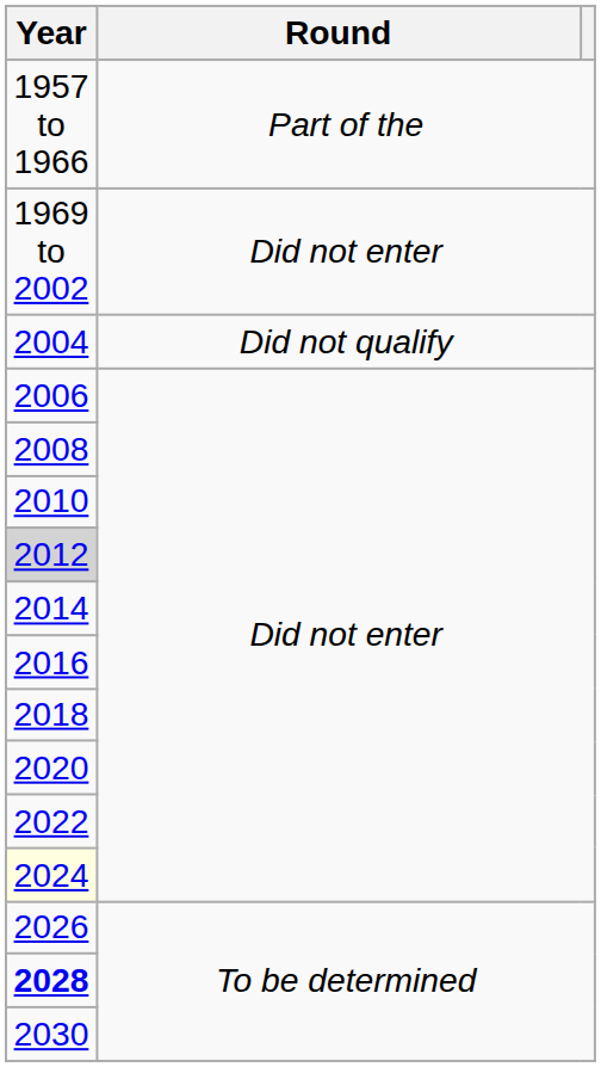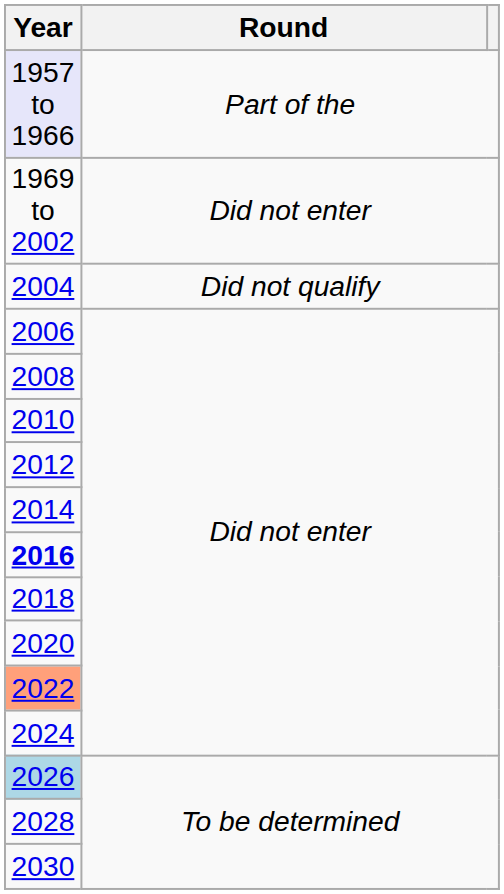 <table class="wikitable" style="text-align: center; font-size:90%">
 <tr>
 <th>Year</th>
 <th style="width:200px">Round</th>
 <th></th>
 </tr>
 <tr>
-<td>1957<br>to<br>1966</td>
+<td style="background: lavender;">1957<br>to<br>1966</td>
 <td colspan="2"><em>Part of the </em></td>
 </tr>
 <tr>
 <td>1969<br>to<br><a href='#'>2002</a></td>
 <td colspan="2"><em>Did not enter</em></td>
 </tr>
 <tr>
 <td><a href='#'>2004</a></td>
 <td colspan="2"><em>Did not qualify</em></td>
 </tr>
 <tr>
 <td><a href='#'>2006</a></td>
 <td colspan="2" rowspan="10"><em>Did not enter</em></td>
 </tr>
 <tr>
 <td><a href='#'>2008</a></td>
 </tr>
 <tr>
 <td><a href='#'>2010</a></td>
 </tr>
 <tr>
-<td style="background: lightgrey;"><a href='#'>2012</a></td>
+<td><a href='#'>2012</a></td>
 </tr>
 <tr>
 <td><a href='#'>2014</a></td>
 </tr>
 <tr>
-<td><a href='#'>2016</a></td>
+<td><strong><a href='#'>2016</a></strong></td>
 </tr>
 <tr>
 <td><a href='#'>2018</a></td>
 </tr>
 <tr>
 <td><a href='#'>2020</a></td>
 </tr>
 <tr>
-<td><a href='#'>2022</a></td>
+<td style="background: lightsalmon;"><a href='#'>2022</a></td>
 </tr>
 <tr>
-<td style="background: lightyellow;"><a href='#'>2024</a></td>
+<td><a href='#'>2024</a></td>
 </tr>
 <tr>
-<td><a href='#'>2026</a></td>
+<td style="background: lightblue;"><a href='#'>2026</a></td>
 <td colspan="2" rowspan="3"><em>To be determined</em></td>
 </tr>
 <tr>
-<td><strong><a href='#'>2028</a></strong></td>
+<td><a href='#'>2028</a></td>
 </tr>
 <tr>
 <td><a href='#'>2030</a></td>
 </tr>
 </table>
